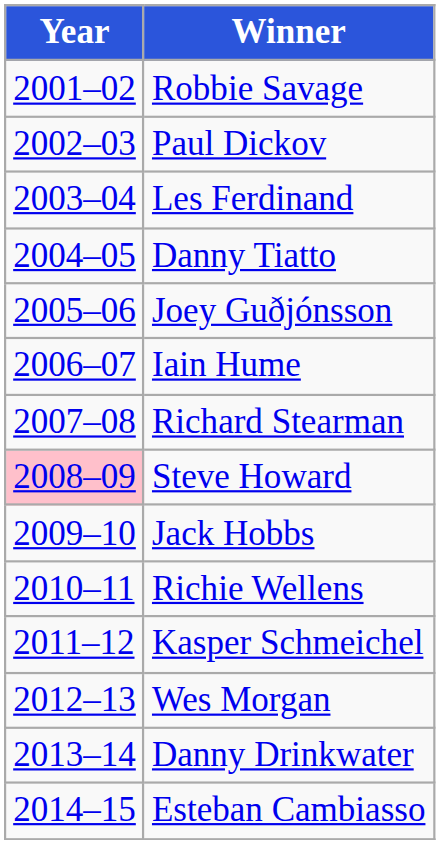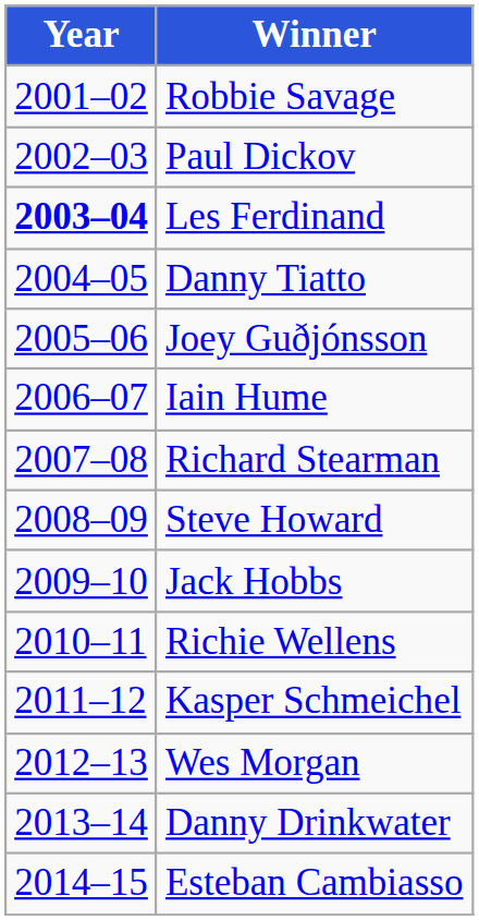 <table class="wikitable">
 <tr>
 <th style="color:white; background:#2B55DB;">Year</th>
 <th style="color:white; background:#2B55DB;">Winner</th>
 </tr>
 <tr>
 <td><a href='#'>2001–02</a></td>
 <td> <a href='#'>Robbie Savage</a></td>
 </tr>
 <tr>
 <td><a href='#'>2002–03</a></td>
 <td> <a href='#'>Paul Dickov</a></td>
 </tr>
 <tr>
-<td><a href='#'>2003–04</a></td>
+<td><strong><a href='#'>2003–04</a></strong></td>
 <td> <a href='#'>Les Ferdinand</a></td>
 </tr>
 <tr>
 <td><a href='#'>2004–05</a></td>
 <td> <a href='#'>Danny Tiatto</a></td>
 </tr>
 <tr>
 <td><a href='#'>2005–06</a></td>
 <td> <a href='#'>Joey Guðjónsson</a></td>
 </tr>
 <tr>
 <td><a href='#'>2006–07</a></td>
 <td> <a href='#'>Iain Hume</a></td>
 </tr>
 <tr>
 <td><a href='#'>2007–08</a></td>
 <td> <a href='#'>Richard Stearman</a></td>
 </tr>
 <tr>
-<td style="background: pink;"><a href='#'>2008–09</a></td>
+<td><a href='#'>2008–09</a></td>
 <td> <a href='#'>Steve Howard</a></td>
 </tr>
 <tr>
 <td><a href='#'>2009–10</a></td>
 <td> <a href='#'>Jack Hobbs</a></td>
 </tr>
 <tr>
 <td><a href='#'>2010–11</a></td>
 <td> <a href='#'>Richie Wellens</a></td>
 </tr>
 <tr>
 <td><a href='#'>2011–12</a></td>
 <td> <a href='#'>Kasper Schmeichel</a></td>
 </tr>
 <tr>
 <td><a href='#'>2012–13</a></td>
 <td> <a href='#'>Wes Morgan</a></td>
 </tr>
 <tr>
 <td><a href='#'>2013–14</a></td>
 <td> <a href='#'>Danny Drinkwater</a></td>
 </tr>
 <tr>
 <td><a href='#'>2014–15</a></td>
 <td> <a href='#'>Esteban Cambiasso</a></td>
 </tr>
 <tr>
 </tr>
 </table>
